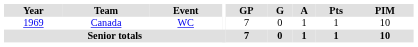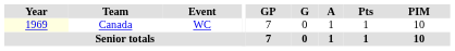 <table border="0" cellpadding="1" cellspacing="0" ID="Table3" style="text-align:center; width:40em">
 <tr bgcolor="#e0e0e0">
 <th>Year</th>
 <th>Team</th>
 <th>Event</th>
 <th rowspan="102" bgcolor="#ffffff"></th>
 <th>GP</th>
 <th>G</th>
 <th>A</th>
 <th>Pts</th>
 <th>PIM</th>
 </tr>
 <tr>
-<td><a href='#'>1969</a></td>
+<td style="background: lightyellow;"><a href='#'>1969</a></td>
 <td><a href='#'>Canada</a></td>
 <td><a href='#'>WC</a></td>
 <td>7</td>
 <td>0</td>
 <td>1</td>
 <td>1</td>
 <td>10</td>
 </tr>
 <tr bgcolor="#e0e0e0">
 <th colspan="4">Senior totals</th>
 <th>7</th>
 <th>0</th>
 <th>1</th>
 <th>1</th>
 <th>10</th>
 </tr>
 </table>
